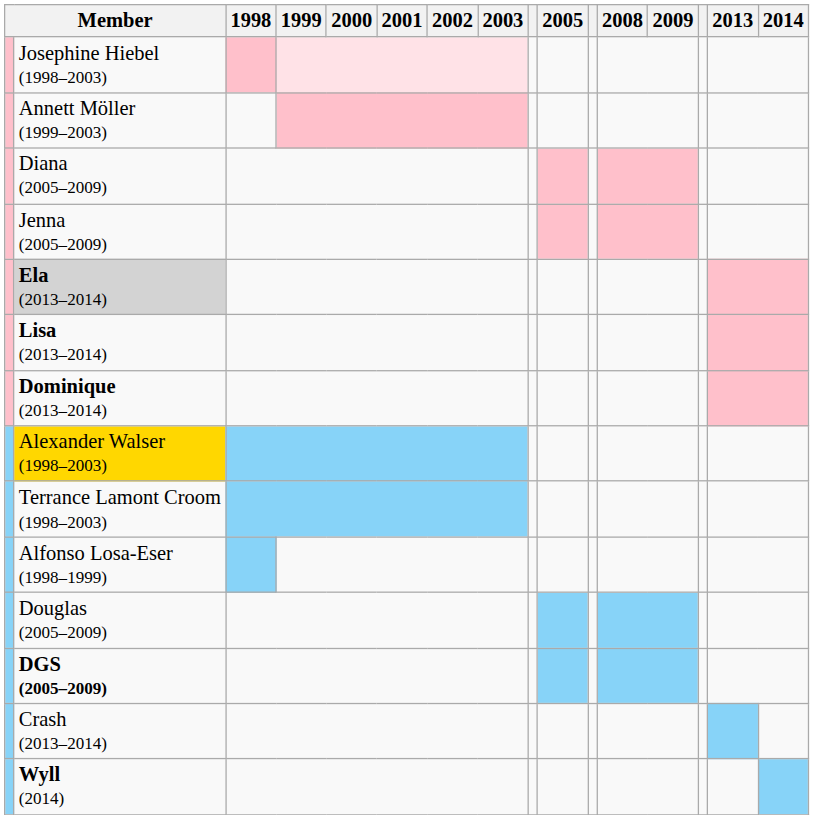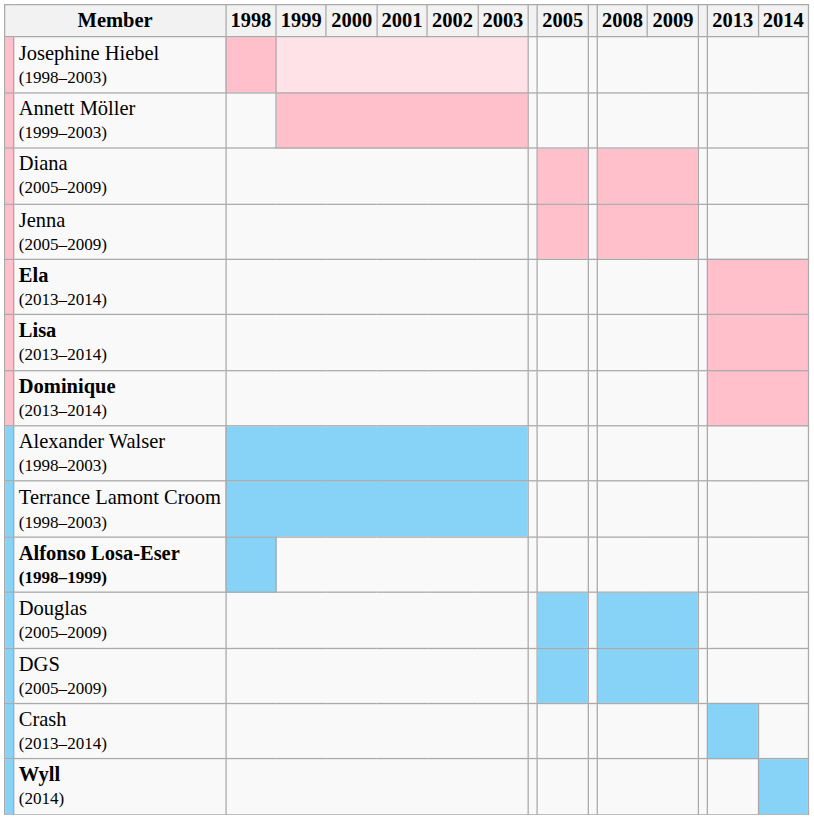 <table class="wikitable">
 <tr>
 <th colspan="2">Member</th>
 <th>1998</th>
 <th>1999</th>
 <th>2000</th>
 <th>2001</th>
 <th>2002</th>
 <th>2003</th>
 <th></th>
 <th>2005</th>
 <th></th>
 <th>2008</th>
 <th>2009</th>
 <th></th>
 <th>2013</th>
 <th>2014</th>
 </tr>
 <tr>
 <td style="background:pink"></td>
 <td>Josephine Hiebel<br><small>(1998–2003)</small></td>
 <td style="text-align:center; background:pink;"></td>
 <td colspan="5" style="text-align:center; background:#ffE2E7;"></td>
 <td></td>
 <td></td>
 <td></td>
 <td colspan="2"></td>
 <td></td>
 <td colspan="2"></td>
 </tr>
 <tr>
 <td style="background:pink"></td>
 <td>Annett Möller<br><small>(1999–2003)</small></td>
 <td></td>
 <td colspan="5" style="text-align:center; background:pink;"></td>
 <td></td>
 <td></td>
 <td></td>
 <td colspan="2"></td>
 <td></td>
 <td colspan="2"></td>
 </tr>
 <tr>
 <td style="background:pink"></td>
 <td>Diana<br><small>(2005–2009)</small></td>
 <td colspan="6"></td>
 <td></td>
 <td style="text-align:center; background:pink;"></td>
 <td></td>
 <td colspan="2" style="text-align:center; background:pink;"></td>
 <td></td>
 <td colspan="2"></td>
 </tr>
 <tr>
 <td style="background:pink"></td>
 <td>Jenna<br><small>(2005–2009)</small></td>
 <td colspan="6"></td>
 <td></td>
 <td style="text-align:center; background:pink;"></td>
 <td></td>
 <td colspan="2" style="text-align:center; background:pink;"></td>
 <td></td>
 <td colspan="2"></td>
 </tr>
 <tr>
 <td style="background:pink"></td>
-<td style="background: lightgrey;"><strong>Ela</strong><br><small>(2013–2014)</small></td>
+<td><strong>Ela</strong><br><small>(2013–2014)</small></td>
 <td colspan="6"></td>
 <td></td>
 <td></td>
 <td></td>
 <td colspan="2"></td>
 <td></td>
 <td colspan="2" style="text-align:center; background:pink;"></td>
 </tr>
 <tr>
 <td style="background:pink"></td>
 <td><strong>Lisa</strong><br><small>(2013–2014)</small></td>
 <td colspan="6"></td>
 <td></td>
 <td></td>
 <td></td>
 <td colspan="2"></td>
 <td></td>
 <td colspan="2" style="text-align:center; background:pink;"></td>
 </tr>
 <tr>
 <td style="background:pink"></td>
 <td><strong>Dominique</strong><br><small>(2013–2014)</small></td>
 <td colspan="6"></td>
 <td></td>
 <td></td>
 <td></td>
 <td colspan="2"></td>
 <td></td>
 <td colspan="2" style="text-align:center; background:pink;"></td>
 </tr>
 <tr>
 <td style="background:#87D3F8;"></td>
-<td style="background: gold;">Alexander Walser<br><small>(1998–2003)</small></td>
+<td>Alexander Walser<br><small>(1998–2003)</small></td>
 <td colspan="6" style="text-align:center; background:#87D3F8;"></td>
 <td></td>
 <td></td>
 <td></td>
 <td colspan="2"></td>
 <td></td>
 <td colspan="2"></td>
 </tr>
 <tr>
 <td style="background:#87D3F8;"></td>
 <td>Terrance Lamont Croom<br><small>(1998–2003)</small></td>
 <td colspan="6" style="text-align:center; background:#87D3F8;"></td>
 <td></td>
 <td></td>
 <td></td>
 <td colspan="2"></td>
 <td></td>
 <td colspan="2"></td>
 </tr>
 <tr>
 <td style="background:#87D3F8;"></td>
-<td>Alfonso Losa-Eser<br><small>(1998–1999)</small></td>
+<td><strong>Alfonso Losa-Eser<br><small>(1998–1999)</small></strong></td>
 <td style="text-align:center; background:#87d3f8;"></td>
 <td colspan="5"></td>
 <td></td>
 <td></td>
 <td></td>
 <td colspan="2"></td>
 <td></td>
 <td colspan="2"></td>
 </tr>
 <tr>
 <td style="background:#87D3F8;"></td>
 <td>Douglas<br><small>(2005–2009)</small></td>
 <td colspan="6"></td>
 <td></td>
 <td style="text-align:center; background:#87d3f8;"></td>
 <td></td>
 <td colspan="2" style="text-align:center; background:#87D3F8;"></td>
 <td></td>
 <td colspan="2"></td>
 </tr>
 <tr>
 <td style="background:#87D3F8;"></td>
-<td><strong>DGS<br><small>(2005–2009)</small></strong></td>
+<td>DGS<br><small>(2005–2009)</small></td>
 <td colspan="6"></td>
 <td></td>
 <td style="text-align:center; background:#87d3f8;"></td>
 <td></td>
 <td colspan="2" style="text-align:center; background:#87D3F8;"></td>
 <td></td>
 <td colspan="2"></td>
 </tr>
 <tr>
 <td style="background:#87D3F8;"></td>
 <td>Crash<br><small>(2013–2014)</small></td>
 <td colspan="6"></td>
 <td></td>
 <td></td>
 <td></td>
 <td colspan="2"></td>
 <td></td>
 <td style="text-align:center; background:#87d3f8;"></td>
 <td></td>
 </tr>
 <tr>
 <td style="background:#87D3F8;"></td>
 <td><strong>Wyll</strong><br><small>(2014)</small></td>
 <td colspan="6"></td>
 <td></td>
 <td></td>
 <td></td>
 <td colspan="2"></td>
 <td></td>
 <td></td>
 <td style="text-align:center; background:#87d3f8;"></td>
 </tr>
 </table>
